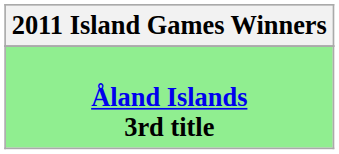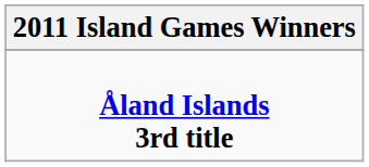 <table class="wikitable" style="text-align: center; margin: 0 auto;">
 <tr>
 <th>2011 Island Games Winners</th>
 </tr>
 <tr>
 </tr>
 <tr>
-<td style="background: lightgreen;"><br><strong><a href='#'>Åland Islands</a></strong><br><strong>3rd title</strong></td>
+<td><br><strong><a href='#'>Åland Islands</a></strong><br><strong>3rd title</strong></td>
 </tr>
 </table>
